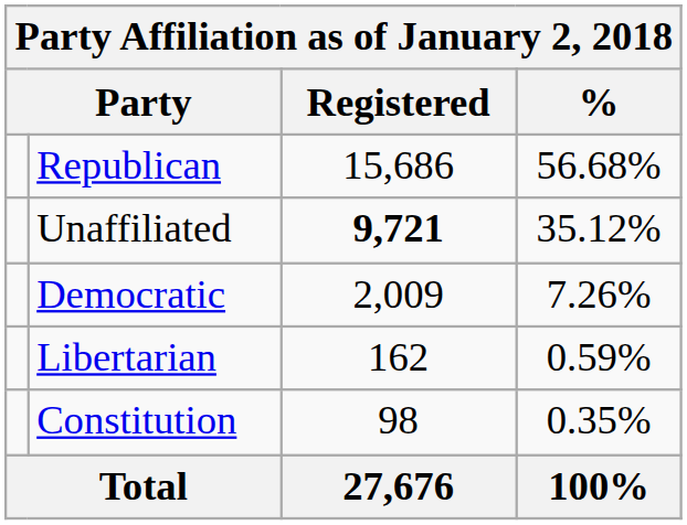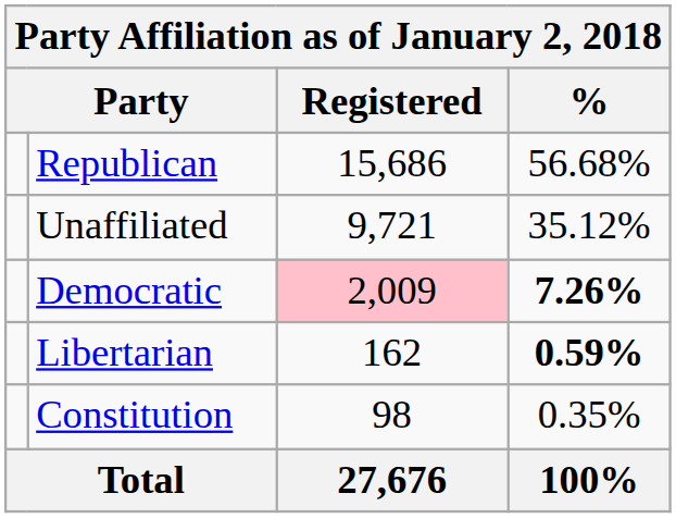 <table class="wikitable float">
 <tr>
 <th colspan = 6>Party Affiliation as of January 2, 2018</th>
 </tr>
 <tr>
 <th colspan = 2>Party</th>
 <th>Registered</th>
 <th>%</th>
 </tr>
 <tr>
 <td></td>
 <td><a href='#'>Republican</a></td>
 <td style="text-align:center;">15,686</td>
 <td style="text-align:center;">56.68%</td>
 </tr>
 <tr>
 <td></td>
 <td>Unaffiliated</td>
-<td style="text-align:center;"><strong>9,721</strong></td>
+<td style="text-align:center;">9,721</td>
 <td style="text-align:center;">35.12%</td>
 </tr>
 <tr>
 <td></td>
 <td><a href='#'>Democratic</a></td>
-<td style="text-align:center;">2,009</td>
-<td style="text-align:center;">7.26%</td>
+<td style="background: pink; text-align:center;">2,009</td>
+<td style="text-align:center;"><strong>7.26%</strong></td>
 </tr>
 <tr>
 <td></td>
 <td><a href='#'>Libertarian</a></td>
 <td style="text-align:center;">162</td>
-<td style="text-align:center;">0.59%</td>
+<td style="text-align:center;"><strong>0.59%</strong></td>
 </tr>
 <tr>
 <td></td>
 <td><a href='#'>Constitution</a></td>
 <td style="text-align:center;">98</td>
 <td style="text-align:center;">0.35%</td>
 </tr>
 <tr>
 <th colspan="2">Total</th>
 <th style="text-align:center;">27,676</th>
 <th style="text-align:center;">100%</th>
 </tr>
 </table>
